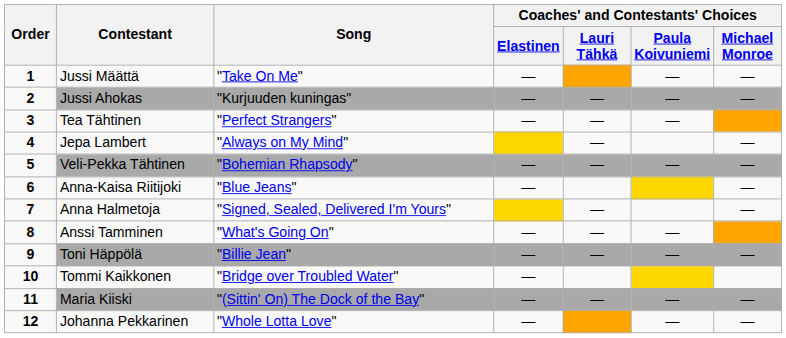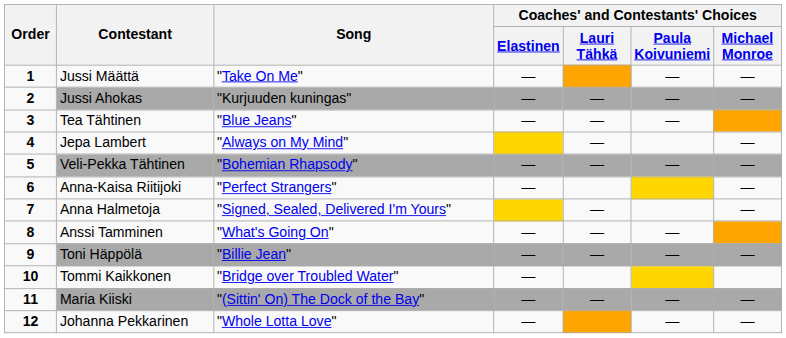 <table class="wikitable" style="width:100%;">
 <tr>
 <th rowspan=2>Order</th>
 <th rowspan=2>Contestant</th>
 <th rowspan=2>Song</th>
 <th colspan=4>Coaches' and Contestants' Choices</th>
 </tr>
 <tr>
 <th width="70"><a href='#'>Elastinen</a></th>
 <th width="70"><a href='#'>Lauri Tähkä</a></th>
 <th width="70"><a href='#'>Paula Koivuniemi</a></th>
 <th width="70"><a href='#'>Michael Monroe</a></th>
 </tr>
 <tr>
 <td align="center"><strong>1</strong></td>
 <td>Jussi Määttä</td>
 <td>"<a href='#'>Take On Me</a>"</td>
 <td align="center">—</td>
 <td style="background:orange;text-align:center;"></td>
 <td align="center">—</td>
 <td align="center">—</td>
 </tr>
 <tr>
 <td align="center"><strong>2</strong></td>
 <td style="background:darkgrey;text-align:left;">Jussi Ahokas</td>
 <td style="background:darkgrey;text-align:left;">"Kurjuuden kuningas"</td>
 <td style="background:darkgrey;text-align:center;">—</td>
 <td style="background:darkgrey;text-align:center;">—</td>
 <td style="background:darkgrey;text-align:center;">—</td>
 <td style="background:darkgrey;text-align:center;">—</td>
 </tr>
 <tr>
 <td align="center"><strong>3</strong></td>
 <td>Tea Tähtinen</td>
-<td>"<a href='#'>Perfect Strangers</a>"</td>
+<td>"<a href='#'>Blue Jeans</a>"</td>
 <td align="center">—</td>
 <td align="center">—</td>
 <td align="center">—</td>
 <td style="background:orange;text-align:center;"></td>
 </tr>
 <tr>
 <td align="center"><strong>4</strong></td>
 <td>Jepa Lambert</td>
 <td>"<a href='#'>Always on My Mind</a>"</td>
 <td style="background:gold;text-align:center;"></td>
 <td align="center">—</td>
 <td style=";text-align:center;"></td>
 <td align="center">—</td>
 </tr>
 <tr>
 <td align="center"><strong>5</strong></td>
 <td style="background:darkgrey;text-align:left;">Veli-Pekka Tähtinen</td>
 <td style="background:darkgrey;text-align:left;">"<a href='#'>Bohemian Rhapsody</a>"</td>
 <td style="background:darkgrey;text-align:center;">—</td>
 <td style="background:darkgrey;text-align:center;">—</td>
 <td style="background:darkgrey;text-align:center;">—</td>
 <td style="background:darkgrey;text-align:center;">—</td>
 </tr>
 <tr>
 <td align="center"><strong>6</strong></td>
 <td>Anna-Kaisa Riitijoki</td>
-<td>"<a href='#'>Blue Jeans</a>"</td>
+<td>"<a href='#'>Perfect Strangers</a>"</td>
 <td align="center">—</td>
 <td style=";text-align:center;"></td>
 <td style="background:gold;text-align:center;"></td>
 <td align="center">—</td>
 </tr>
 <tr>
 <td align="center"><strong>7</strong></td>
 <td>Anna Halmetoja</td>
 <td>"<a href='#'>Signed, Sealed, Delivered I'm Yours</a>"</td>
 <td style="background:gold;text-align:center;"></td>
 <td align="center">—</td>
 <td style=";text-align:center;"></td>
 <td align="center">—</td>
 </tr>
 <tr>
 <td align="center"><strong>8</strong></td>
 <td>Anssi Tamminen</td>
 <td>"<a href='#'>What's Going On</a>"</td>
 <td align="center">—</td>
 <td align="center">—</td>
 <td align="center">—</td>
 <td style="background:orange;text-align:center;"></td>
 </tr>
 <tr>
 <td align="center"><strong>9</strong></td>
 <td style="background:darkgrey;text-align:left;">Toni Häppölä</td>
 <td style="background:darkgrey;text-align:left;">"<a href='#'>Billie Jean</a>"</td>
 <td style="background:darkgrey;text-align:center;">—</td>
 <td style="background:darkgrey;text-align:center;">—</td>
 <td style="background:darkgrey;text-align:center;">—</td>
 <td style="background:darkgrey;text-align:center;">—</td>
 </tr>
 <tr>
 <td align="center"><strong>10</strong></td>
 <td>Tommi Kaikkonen</td>
 <td>"<a href='#'>Bridge over Troubled Water</a>"</td>
 <td align="center">—</td>
 <td style=";text-align:center;"></td>
 <td style="background:gold;text-align:center;"></td>
 <td style=";text-align:center;"></td>
 </tr>
 <tr>
 <td align="center"><strong>11</strong></td>
 <td style="background:darkgrey;text-align:left;">Maria Kiiski</td>
 <td style="background:darkgrey;text-align:left;">"<a href='#'>(Sittin' On) The Dock of the Bay</a>"</td>
 <td style="background:darkgrey;text-align:center;">—</td>
 <td style="background:darkgrey;text-align:center;">—</td>
 <td style="background:darkgrey;text-align:center;">—</td>
 <td style="background:darkgrey;text-align:center;">—</td>
 </tr>
 <tr>
 <td align="center"><strong>12</strong></td>
 <td>Johanna Pekkarinen</td>
 <td>"<a href='#'>Whole Lotta Love</a>"</td>
 <td align="center">—</td>
 <td style="background:orange;text-align:center;"></td>
 <td align="center">—</td>
 <td align="center">—</td>
 </tr>
 </table>
